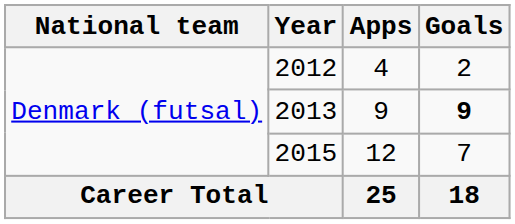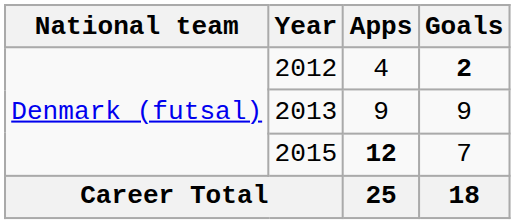 <table class=wikitable style=text-align:center>
 <tr>
 <th>National team</th>
 <th>Year</th>
 <th>Apps</th>
 <th>Goals</th>
 </tr>
 <tr>
 <td rowspan=3><a href='#'>Denmark (futsal)</a></td>
 <td>2012</td>
 <td>4</td>
-<td>2</td>
+<td><strong>2</strong></td>
 </tr>
 <tr>
 <td>2013</td>
 <td>9</td>
-<td><strong>9</strong></td>
+<td>9</td>
 </tr>
 <tr>
 <td>2015</td>
-<td>12</td>
+<td><strong>12</strong></td>
 <td>7</td>
 </tr>
 <tr>
 <th colspan=2>Career Total</th>
 <th>25</th>
 <th>18</th>
 </tr>
 </table>
